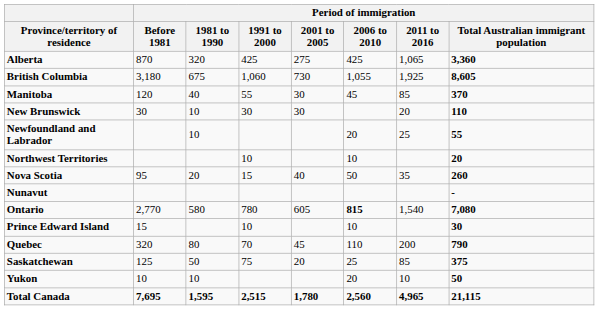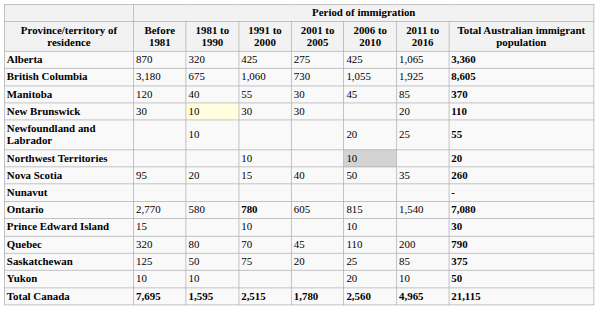 <table class="wikitable sortable">
 <tr>
 <th></th>
 <th colspan="7">Period of immigration</th>
 </tr>
 <tr>
 <th>Province/territory of residence</th>
 <th>Before 1981</th>
 <th>1981 to 1990</th>
 <th>1991 to 2000</th>
 <th>2001 to 2005</th>
 <th>2006 to 2010</th>
 <th>2011 to 2016</th>
 <th>Total Australian immigrant population</th>
 </tr>
 <tr>
 <td><strong>Alberta</strong></td>
 <td>870</td>
 <td>320</td>
 <td>425</td>
 <td>275</td>
 <td>425</td>
 <td>1,065</td>
 <td><strong>3,360</strong></td>
 </tr>
 <tr>
 <td><strong>British Columbia</strong></td>
 <td>3,180</td>
 <td>675</td>
 <td>1,060</td>
 <td>730</td>
 <td>1,055</td>
 <td>1,925</td>
 <td><strong>8,605</strong></td>
 </tr>
 <tr>
 <td><strong>Manitoba</strong></td>
 <td>120</td>
 <td>40</td>
 <td>55</td>
 <td>30</td>
 <td>45</td>
 <td>85</td>
 <td><strong>370</strong></td>
 </tr>
 <tr>
 <td><strong>New Brunswick</strong></td>
 <td>30</td>
-<td>10</td>
+<td style="background: lightyellow;">10</td>
 <td>30</td>
 <td>30</td>
 <td></td>
 <td>20</td>
 <td><strong>110</strong></td>
 </tr>
 <tr>
 <td><strong>Newfoundland and Labrador</strong></td>
 <td></td>
 <td>10</td>
 <td></td>
 <td></td>
 <td>20</td>
 <td>25</td>
 <td><strong>55</strong></td>
 </tr>
 <tr>
 <td><strong>Northwest Territories</strong></td>
 <td></td>
 <td></td>
 <td>10</td>
 <td></td>
-<td>10</td>
+<td style="background: lightgrey;">10</td>
 <td></td>
 <td><strong>20</strong></td>
 </tr>
 <tr>
 <td><strong>Nova Scotia</strong></td>
 <td>95</td>
 <td>20</td>
 <td>15</td>
 <td>40</td>
 <td>50</td>
 <td>35</td>
 <td><strong>260</strong></td>
 </tr>
 <tr>
 <td><strong>Nunavut</strong></td>
 <td></td>
 <td></td>
 <td></td>
 <td></td>
 <td></td>
 <td></td>
 <td><strong>-</strong></td>
 </tr>
 <tr>
 <td><strong>Ontario</strong></td>
 <td>2,770</td>
 <td>580</td>
-<td>780</td>
+<td><strong>780</strong></td>
 <td>605</td>
-<td><strong>815</strong></td>
+<td>815</td>
 <td>1,540</td>
 <td><strong>7,080</strong></td>
 </tr>
 <tr>
 <td><strong>Prince Edward Island</strong></td>
 <td>15</td>
 <td></td>
 <td>10</td>
 <td></td>
 <td>10</td>
 <td></td>
 <td><strong>30</strong></td>
 </tr>
 <tr>
 <td><strong>Quebec</strong></td>
 <td>320</td>
 <td>80</td>
 <td>70</td>
 <td>45</td>
 <td>110</td>
 <td>200</td>
 <td><strong>790</strong></td>
 </tr>
 <tr>
 <td><strong>Saskatchewan</strong></td>
 <td>125</td>
 <td>50</td>
 <td>75</td>
 <td>20</td>
 <td>25</td>
 <td>85</td>
 <td><strong>375</strong></td>
 </tr>
 <tr>
 <td><strong>Yukon</strong></td>
 <td>10</td>
 <td>10</td>
 <td></td>
 <td></td>
 <td>20</td>
 <td>10</td>
 <td><strong>50</strong></td>
 </tr>
 <tr>
 <td><strong>Total Canada</strong></td>
 <td><strong>7,695</strong></td>
 <td><strong>1,595</strong></td>
 <td><strong>2,515</strong></td>
 <td><strong>1,780</strong></td>
 <td><strong>2,560</strong></td>
 <td><strong>4,965</strong></td>
 <td><strong>21,115</strong></td>
 </tr>
 </table>
